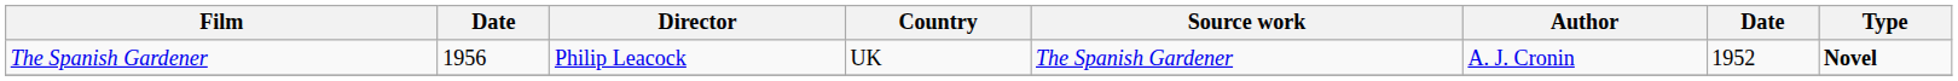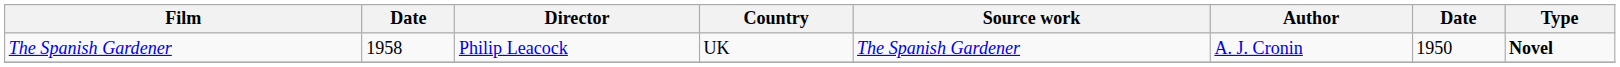 <table class="wikitable" style=width:90%>
 <tr style="background:#CCCCCC;">
 <th>Film</th>
 <th>Date</th>
 <th>Director</th>
 <th>Country</th>
 <th>Source work</th>
 <th>Author</th>
 <th>Date</th>
 <th>Type</th>
 </tr>
 <tr>
 <td><em><a href='#'>The Spanish Gardener</a></em></td>
-<td>1956</td>
+<td>1958</td>
 <td><a href='#'>Philip Leacock</a></td>
 <td>UK</td>
 <td><em><a href='#'>The Spanish Gardener</a></em></td>
 <td><a href='#'>A. J. Cronin</a></td>
-<td>1952</td>
+<td>1950</td>
 <td><strong>Novel</strong></td>
 </tr>
 <tr>
 </tr>
 </table>
